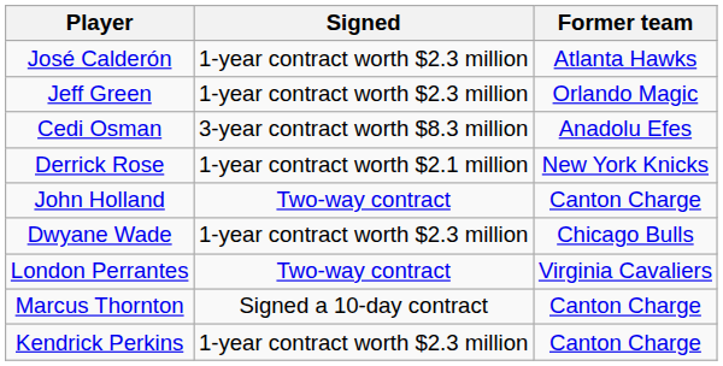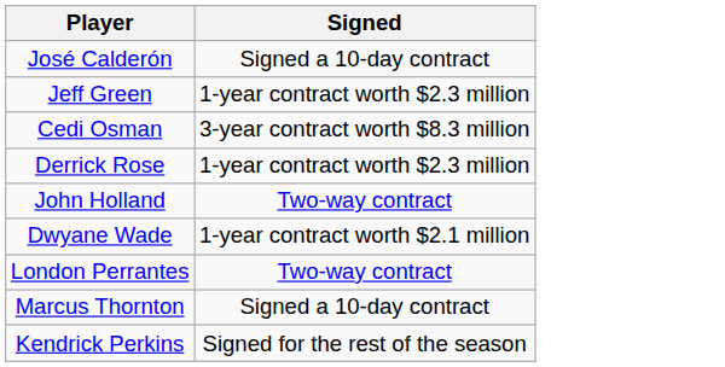 <table class="wikitable sortable sortable" style="text-align: center">
 <tr>
 <th>Player</th>
 <th>Signed</th>
-<th>Former team</th>
 </tr>
 <tr style="text-align: center">
 <td><a href='#'>José Calderón</a></td>
-<td>1-year contract worth $2.3 million</td>
-<td><a href='#'>Atlanta Hawks</a></td>
+<td>Signed a 10-day contract</td>
 </tr>
 <tr style="text-align: center">
 <td><a href='#'>Jeff Green</a></td>
 <td>1-year contract worth $2.3 million</td>
-<td><a href='#'>Orlando Magic</a></td>
 </tr>
 <tr style="text-align: center">
 <td><a href='#'>Cedi Osman</a></td>
 <td>3-year contract worth $8.3 million</td>
-<td> <a href='#'>Anadolu Efes</a></td>
 </tr>
 <tr style="text-align: center">
 <td><a href='#'>Derrick Rose</a></td>
-<td>1-year contract worth $2.1 million</td>
-<td><a href='#'>New York Knicks</a></td>
+<td>1-year contract worth $2.3 million</td>
 </tr>
 <tr style="text-align: center">
 <td><a href='#'>John Holland</a></td>
 <td><a href='#'>Two-way contract</a></td>
-<td><a href='#'>Canton Charge</a></td>
 </tr>
 <tr style="text-align: center">
 <td><a href='#'>Dwyane Wade</a></td>
-<td>1-year contract worth $2.3 million</td>
-<td><a href='#'>Chicago Bulls</a></td>
+<td>1-year contract worth $2.1 million</td>
 </tr>
 <tr style="text-align: center">
 <td><a href='#'>London Perrantes</a></td>
 <td><a href='#'>Two-way contract</a></td>
-<td><a href='#'>Virginia Cavaliers</a></td>
 </tr>
 <tr style="text-align: center">
 <td><a href='#'>Marcus Thornton</a></td>
 <td>Signed a 10-day contract</td>
-<td><a href='#'>Canton Charge</a></td>
 </tr>
 <tr style="text-align: center">
 <td><a href='#'>Kendrick Perkins</a></td>
-<td>1-year contract worth $2.3 million</td>
-<td><a href='#'>Canton Charge</a></td>
+<td>Signed for the rest of the season</td>
 </tr>
 </table>
